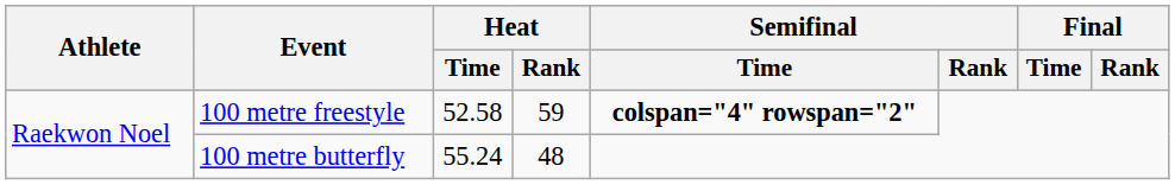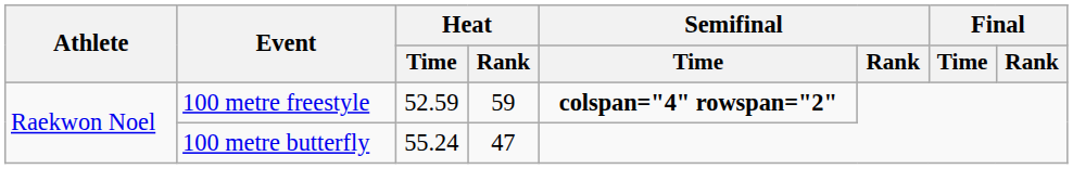 <table class="wikitable" style="text-align:center; font-size:90%; width:50%;">
 <tr>
 <th rowspan="2">Athlete</th>
 <th rowspan="2">Event</th>
 <th colspan="2">Heat</th>
 <th colspan="2">Semifinal</th>
 <th colspan="2">Final</th>
 </tr>
 <tr style="font-size:95%">
 <th>Time</th>
 <th>Rank</th>
 <th>Time</th>
 <th>Rank</th>
 <th>Time</th>
 <th>Rank</th>
 </tr>
 <tr align=center>
 <td align=left rowspan="2"><a href='#'>Raekwon Noel</a></td>
 <td align=left><a href='#'>100 metre freestyle</a></td>
-<td>52.58</td>
+<td>52.59</td>
 <td>59</td>
 <td><strong>colspan="4" rowspan="2" </strong></td>
 </tr>
 <tr align=center>
 <td align=left><a href='#'>100 metre butterfly</a></td>
 <td>55.24</td>
-<td>48</td>
+<td>47</td>
 </tr>
 </table>
